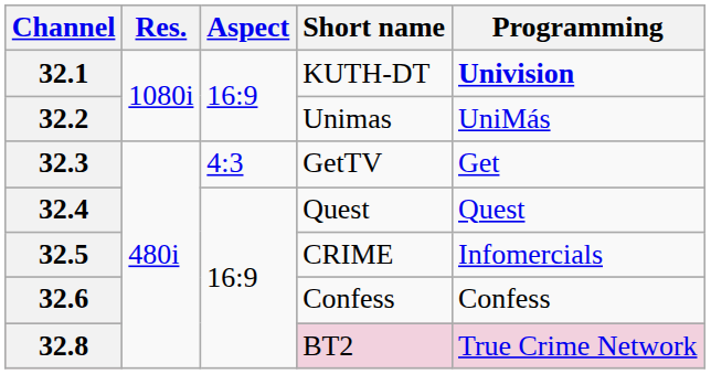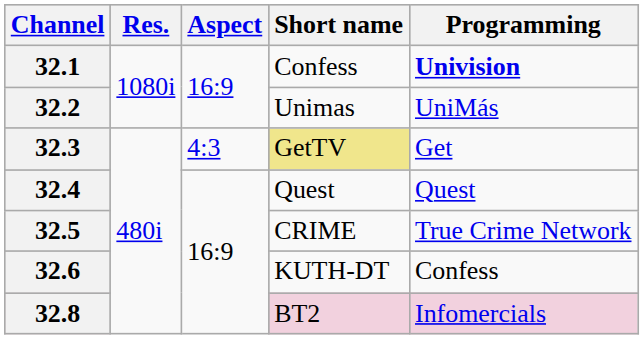 <table class="wikitable">
 <tr>
 <th scope = "col"><a href='#'>Channel</a></th>
 <th scope = "col"><a href='#'>Res.</a></th>
 <th scope = "col"><a href='#'>Aspect</a></th>
 <th scope = "col">Short name</th>
 <th scope = "col">Programming</th>
 </tr>
 <tr>
 <th scope = "row">32.1</th>
 <td rowspan=2><a href='#'>1080i</a></td>
 <td rowspan=2><a href='#'>16:9</a></td>
-<td>KUTH-DT</td>
+<td>Confess</td>
 <td><strong><a href='#'>Univision</a></strong></td>
 </tr>
 <tr>
 <th scope = "row">32.2</th>
 <td>Unimas</td>
 <td><a href='#'>UniMás</a></td>
 </tr>
 <tr>
 <th scope = "row">32.3</th>
 <td rowspan=5><a href='#'>480i</a></td>
 <td><a href='#'>4:3</a></td>
-<td>GetTV</td>
+<td style="background: khaki;">GetTV</td>
 <td><a href='#'>Get</a></td>
 </tr>
 <tr>
 <th scope = "row">32.4</th>
 <td rowspan=4>16:9</td>
 <td>Quest</td>
 <td><a href='#'>Quest</a></td>
 </tr>
 <tr>
 <th scope = "row">32.5</th>
 <td>CRIME</td>
-<td><a href='#'>Infomercials</a> </td>
+<td><a href='#'>True Crime Network</a></td>
 </tr>
 <tr>
 <th scope = "row">32.6</th>
-<td>Confess</td>
+<td>KUTH-DT</td>
 <td>Confess</td>
 </tr>
 <tr style="background-color: #f2d1de;">
 <th scope = "row">32.8</th>
 <td>BT2</td>
-<td><a href='#'>True Crime Network</a></td>
+<td><a href='#'>Infomercials</a> </td>
 </tr>
 </table>
